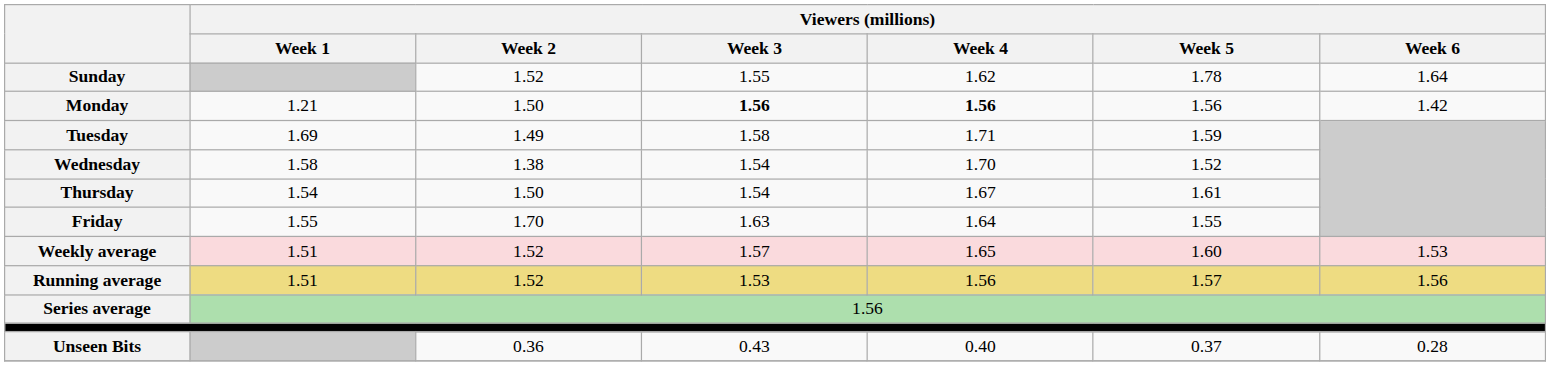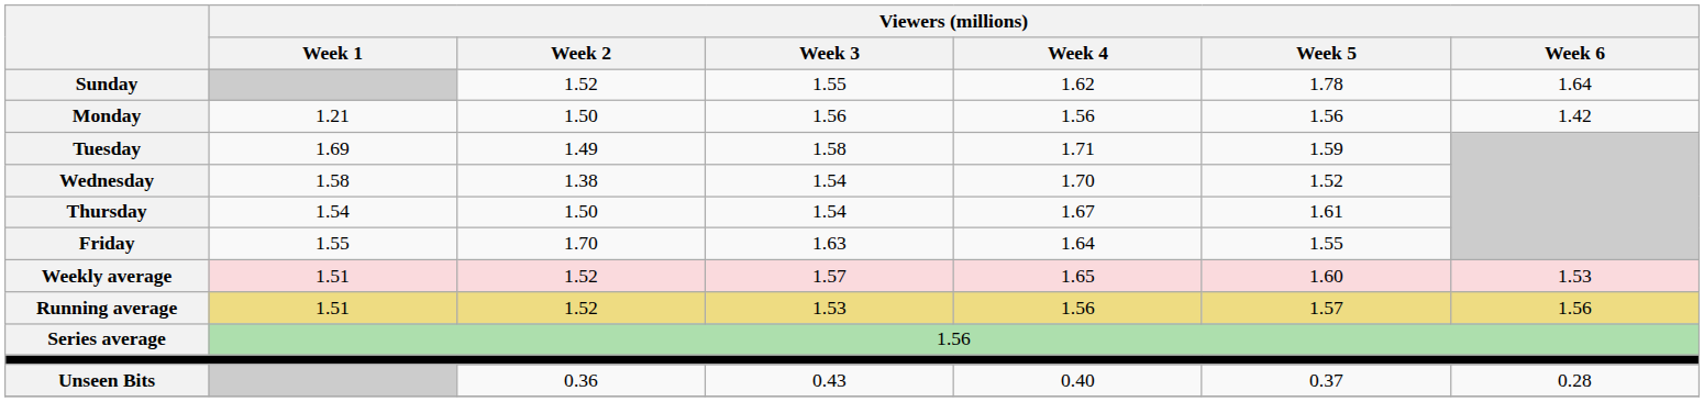 <table class="wikitable" style="font-size:90%; text-align:center; width: 100%; margin-left: auto; margin-right: auto;">
 <tr>
 <th scope="col" rowspan="2" style="width:12%;"></th>
 <th scope=col colspan=7>Viewers (millions)</th>
 </tr>
 <tr>
 <th>Week 1</th>
 <th>Week 2</th>
 <th>Week 3</th>
 <th>Week 4</th>
 <th>Week 5</th>
 <th>Week 6</th>
 </tr>
 <tr>
 <th>Sunday</th>
 <td bgcolor="#CCCCCC"></td>
 <td>1.52</td>
 <td>1.55</td>
 <td>1.62</td>
 <td>1.78</td>
 <td>1.64</td>
 </tr>
 <tr>
 <th>Monday</th>
 <td>1.21</td>
 <td>1.50</td>
-<td><strong>1.56</strong></td>
-<td><strong>1.56</strong></td>
+<td>1.56</td>
+<td>1.56</td>
 <td>1.56</td>
 <td>1.42</td>
 </tr>
 <tr>
 <th>Tuesday</th>
 <td>1.69</td>
 <td>1.49</td>
 <td>1.58</td>
 <td>1.71</td>
 <td>1.59</td>
 <td bgcolor="#CCCCCC" rowspan=4></td>
 </tr>
 <tr>
 <th>Wednesday</th>
 <td>1.58</td>
 <td>1.38</td>
 <td>1.54</td>
 <td>1.70</td>
 <td>1.52</td>
 </tr>
 <tr>
 <th>Thursday</th>
 <td>1.54</td>
 <td>1.50</td>
 <td>1.54</td>
 <td>1.67</td>
 <td>1.61</td>
 </tr>
 <tr>
 <th>Friday</th>
 <td>1.55</td>
 <td>1.70</td>
 <td>1.63</td>
 <td>1.64</td>
 <td>1.55</td>
 </tr>
 <tr>
 <th>Weekly average</th>
 <td style="background:#FADADD;">1.51</td>
 <td style="background:#FADADD;">1.52</td>
 <td style="background:#FADADD;">1.57</td>
 <td style="background:#FADADD;">1.65</td>
 <td style="background:#FADADD;">1.60</td>
 <td style="background:#FADADD;">1.53</td>
 </tr>
 <tr>
 <th>Running average</th>
 <td style="background:#EEDC82;">1.51</td>
 <td style="background:#EEDC82;">1.52</td>
 <td style="background:#EEDC82;">1.53</td>
 <td style="background:#EEDC82;">1.56</td>
 <td style="background:#EEDC82;">1.57</td>
 <td style="background:#EEDC82;">1.56</td>
 </tr>
 <tr>
 <th>Series average</th>
 <td colspan="6" style="background:#ADDFAD;">1.56</td>
 </tr>
 <tr>
 <th colspan="7" style="background:#000"></th>
 </tr>
 <tr>
 <th>Unseen Bits</th>
 <td style="background:#ccc;"></td>
 <td>0.36</td>
 <td>0.43</td>
 <td>0.40</td>
 <td>0.37</td>
 <td>0.28</td>
 </tr>
 <tr>
 </tr>
 </table>
